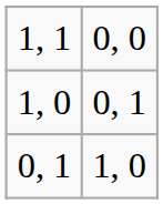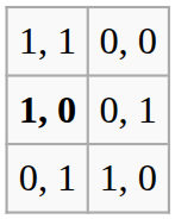 <table align=right border="1" cellpadding="4" cellspacing="0" style="margin: 1em 1em 1em 1em; background: #f9f9f9; border: 1px #aaa solid; border-collapse: collapse; font-size: 95%;">
 <tr>
 <td align=center>1, 1</td>
 <td align=center>0, 0</td>
 </tr>
 <tr>
-<td align=center>1, 0</td>
+<td align=center><strong>1, 0</strong></td>
 <td align=center>0, 1</td>
 </tr>
 <tr>
 <td align=center>0, 1</td>
 <td align=center>1, 0</td>
 </tr>
 </table>
